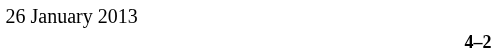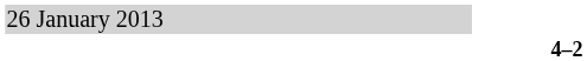 <table style="width:100%;" cellspacing="1">
 <tr>
 <th width=25%></th>
 <th width=10%></th>
 <th></th>
 </tr>
 <tr>
-<td>26 January 2013</td>
+<td style="background: lightgrey;">26 January 2013</td>
 </tr>
 <tr style=font-size:90%>
 <td align=right><strong></strong></td>
 <td align=center><strong>4–2</strong></td>
 <td><strong></strong></td>
 </tr>
 </table>
